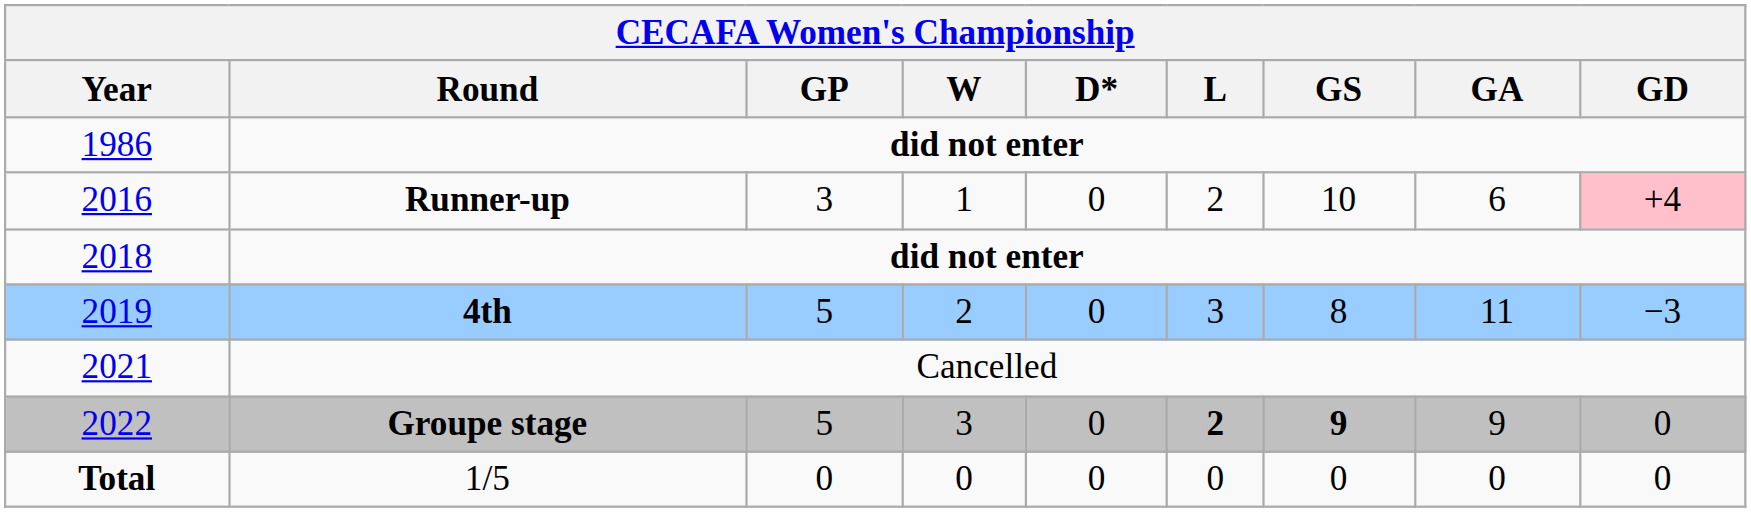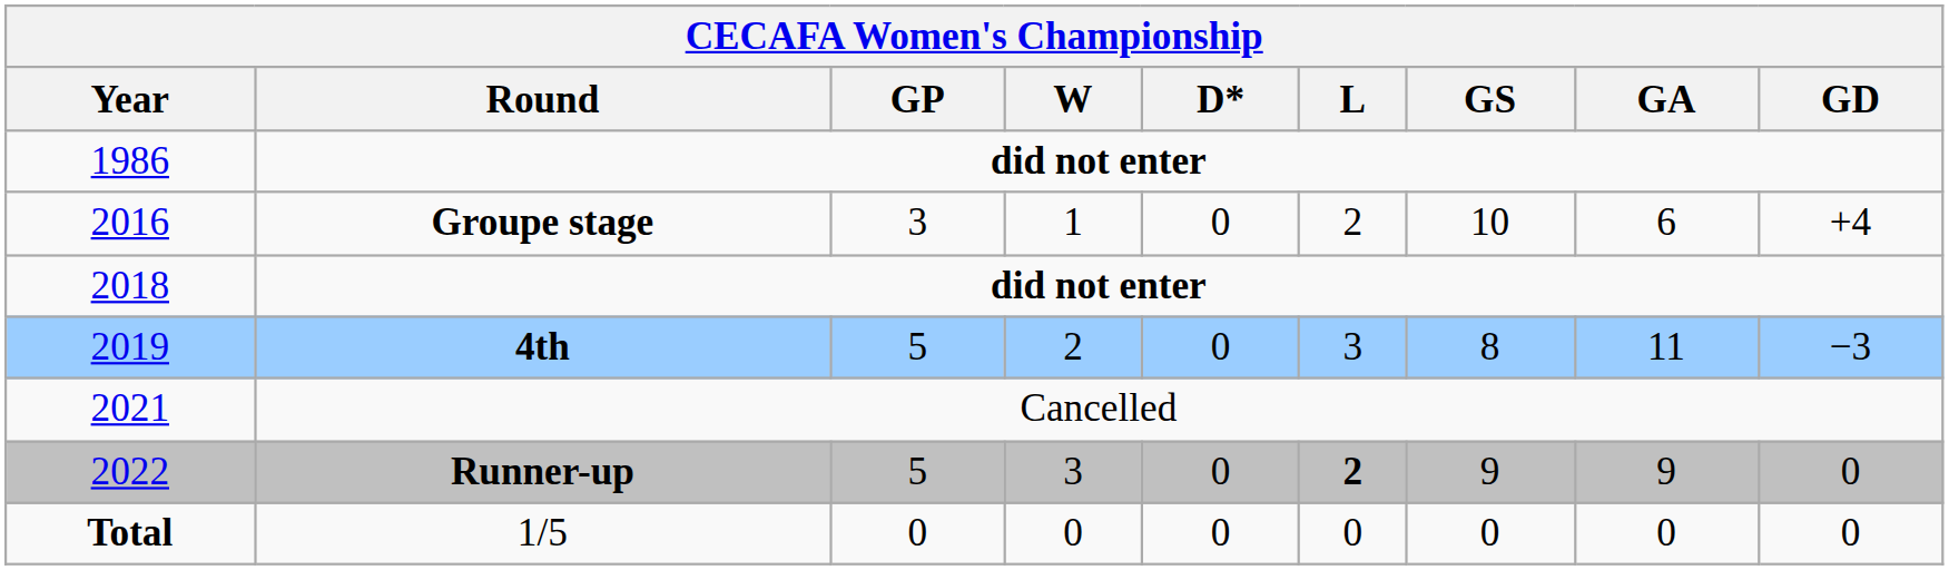 <table class="wikitable" style="text-align: center; width:50%;">
 <tr>
 <th colspan=10><a href='#'>CECAFA Women's Championship</a></th>
 </tr>
 <tr>
 <th>Year</th>
 <th>Round</th>
 <th>GP</th>
 <th>W</th>
 <th>D*</th>
 <th>L</th>
 <th>GS</th>
 <th>GA</th>
 <th>GD</th>
 </tr>
 <tr>
 <td> <a href='#'>1986</a></td>
 <td colspan=8><strong>did not enter</strong></td>
 </tr>
 <tr>
 <td> <a href='#'>2016</a></td>
-<td><strong>Runner-up</strong></td>
+<td><strong>Groupe stage</strong></td>
 <td>3</td>
 <td>1</td>
 <td>0</td>
 <td>2</td>
 <td>10</td>
 <td>6</td>
-<td style="background: pink;">+4</td>
+<td>+4</td>
 </tr>
 <tr>
 <td> <a href='#'>2018</a></td>
 <td colspan=8><strong>did not enter</strong></td>
 </tr>
 <tr bgcolor="#9ACDFF">
 <td> <a href='#'>2019</a></td>
 <td><strong>4th</strong></td>
 <td>5</td>
 <td>2</td>
 <td>0</td>
 <td>3</td>
 <td>8</td>
 <td>11</td>
 <td>−3</td>
 </tr>
 <tr>
 <td> <a href='#'>2021</a></td>
 <td colspan=8>Cancelled</td>
 </tr>
 <tr bgcolor="silver">
 <td> <a href='#'>2022</a></td>
-<td><strong>Groupe stage</strong></td>
+<td><strong>Runner-up</strong></td>
 <td>5</td>
 <td>3</td>
 <td>0</td>
 <td><strong>2</strong></td>
-<td><strong>9</strong></td>
+<td>9</td>
 <td>9</td>
 <td>0</td>
 </tr>
 <tr>
 <td><strong>Total</strong></td>
 <td>1/5</td>
 <td>0</td>
 <td>0</td>
 <td>0</td>
 <td>0</td>
 <td>0</td>
 <td>0</td>
 <td>0</td>
 </tr>
 </table>
